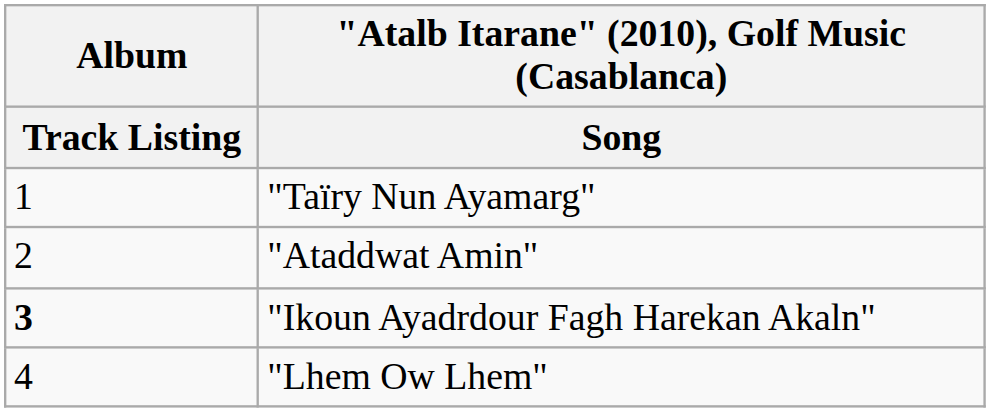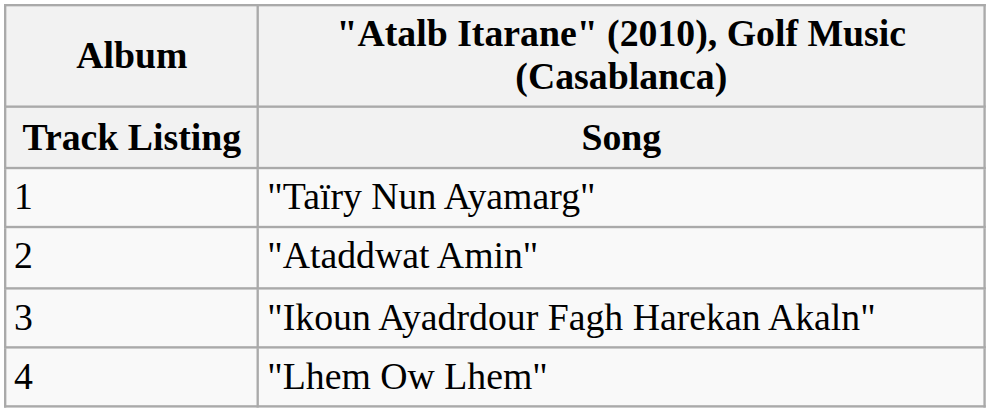 <table class="wikitable">
 <tr>
 <th>Album</th>
 <th>"Atalb Itarane" (2010), Golf Music (Casablanca)</th>
 </tr>
 <tr>
 <th width="100pt">Track Listing</th>
 <th width="300pt">Song</th>
 </tr>
 <tr>
 <td>1</td>
 <td>"Taïry Nun Ayamarg"</td>
 </tr>
 <tr>
 <td>2</td>
 <td>"Ataddwat Amin"</td>
 </tr>
 <tr>
-<td><strong>3</strong></td>
+<td>3</td>
 <td>"Ikoun Ayadrdour Fagh Harekan Akaln"</td>
 </tr>
 <tr>
 <td>4</td>
 <td>"Lhem Ow Lhem"</td>
 </tr>
 </table>
